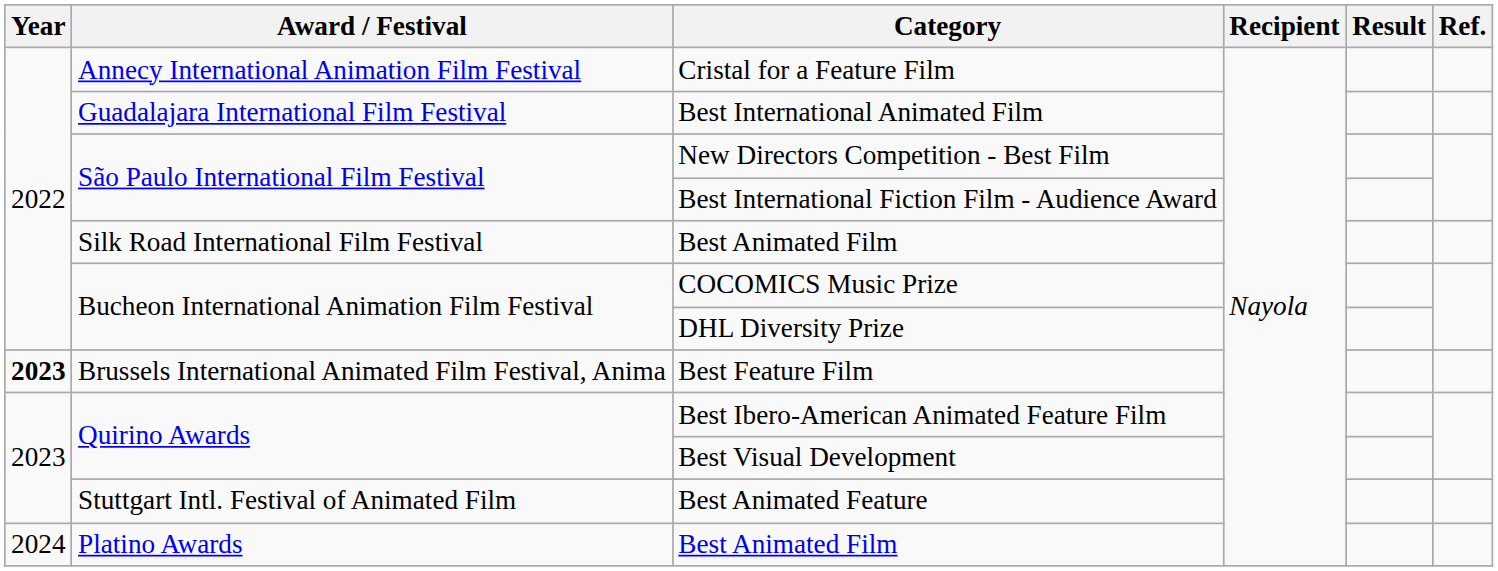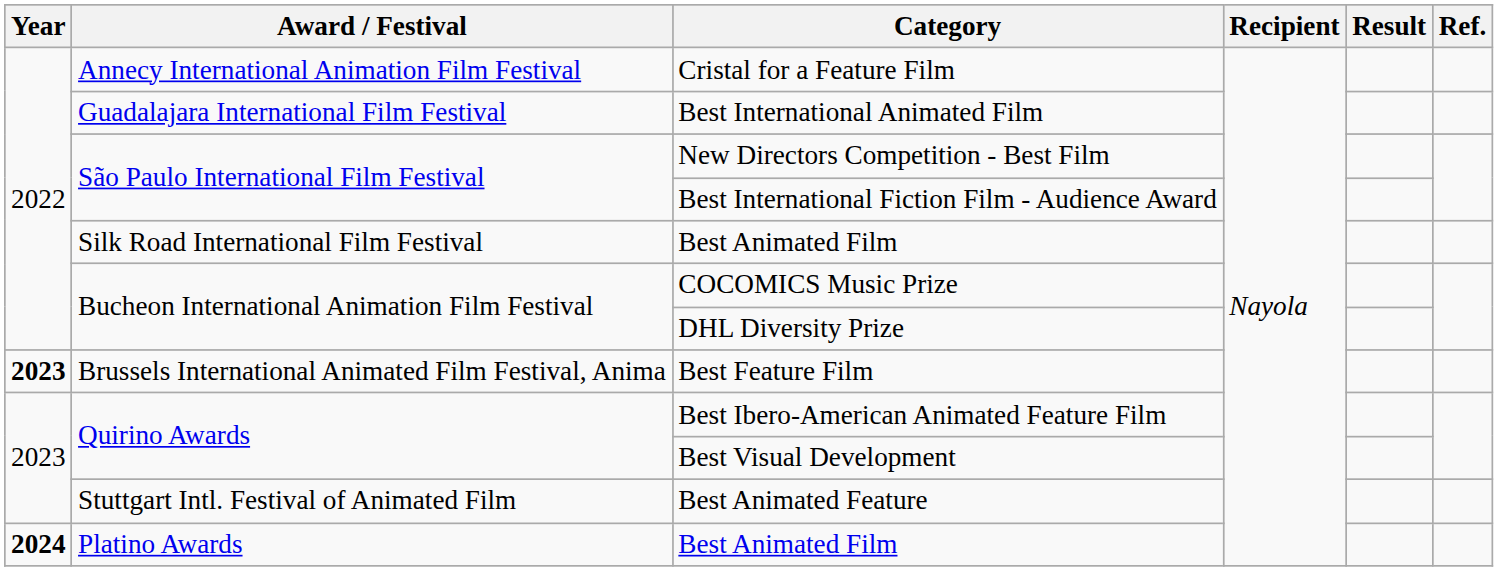 <table class="wikitable">
 <tr>
 <th>Year</th>
 <th>Award / Festival</th>
 <th>Category</th>
 <th>Recipient</th>
 <th>Result</th>
 <th>Ref.</th>
 </tr>
 <tr>
 <td rowspan="7">2022</td>
 <td><a href='#'>Annecy International Animation Film Festival</a></td>
 <td>Cristal for a Feature Film</td>
 <td rowspan="12"><em>Nayola</em></td>
 <td></td>
 <td></td>
 </tr>
 <tr>
 <td><a href='#'>Guadalajara International Film Festival</a></td>
 <td>Best International Animated Film</td>
 <td></td>
 <td></td>
 </tr>
 <tr>
 <td rowspan="2"><a href='#'>São Paulo International Film Festival</a></td>
 <td>New Directors Competition - Best Film</td>
 <td></td>
 <td rowspan="2"></td>
 </tr>
 <tr>
 <td>Best International Fiction Film - Audience Award</td>
 <td></td>
 </tr>
 <tr>
 <td>Silk Road International Film Festival</td>
 <td>Best Animated Film</td>
 <td></td>
 <td></td>
 </tr>
 <tr>
 <td rowspan="2">Bucheon International Animation Film Festival</td>
 <td>COCOMICS Music Prize</td>
 <td></td>
 <td rowspan="2"></td>
 </tr>
 <tr>
 <td>DHL Diversity Prize</td>
 <td></td>
 </tr>
 <tr>
 <td><strong>2023</strong></td>
 <td>Brussels International Animated Film Festival, Anima</td>
 <td>Best Feature Film</td>
 <td></td>
 <td></td>
 </tr>
 <tr>
 <td rowspan="3">2023</td>
 <td rowspan="2"><a href='#'>Quirino Awards</a></td>
 <td>Best Ibero-American Animated Feature Film</td>
 <td></td>
 <td rowspan="2"></td>
 </tr>
 <tr>
 <td>Best Visual Development</td>
 <td></td>
 </tr>
 <tr>
 <td>Stuttgart Intl. Festival of Animated Film</td>
 <td>Best Animated Feature</td>
 <td></td>
 <td></td>
 </tr>
 <tr>
-<td>2024</td>
+<td><strong>2024</strong></td>
 <td><a href='#'>Platino Awards</a></td>
 <td><a href='#'>Best Animated Film</a></td>
 <td></td>
 <td></td>
 </tr>
 </table>
